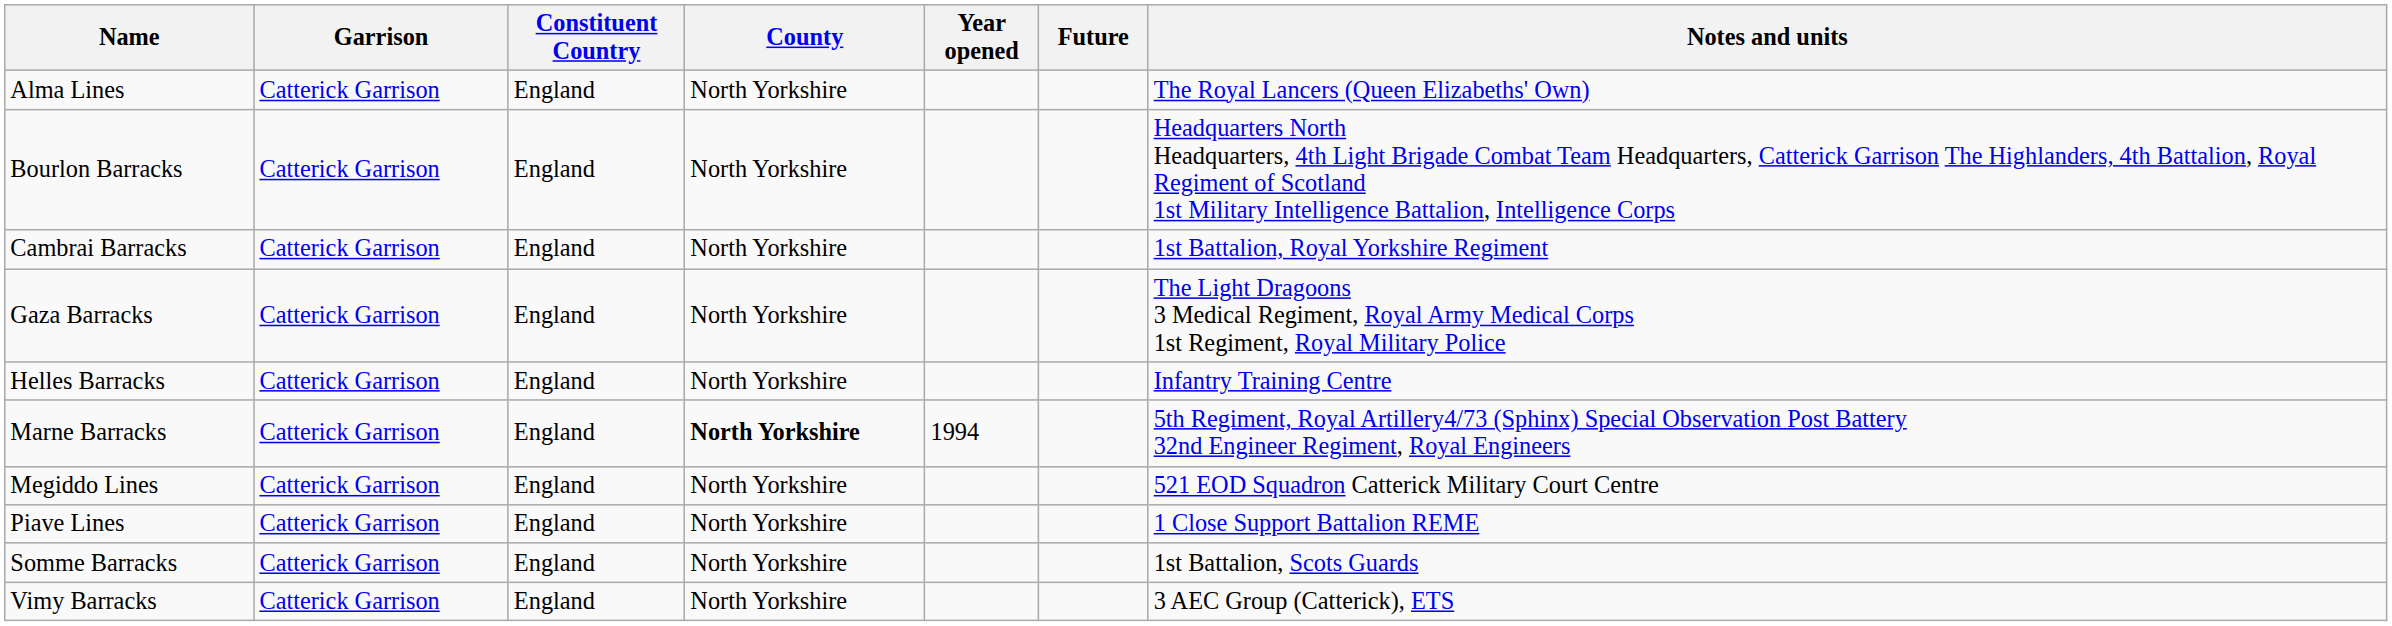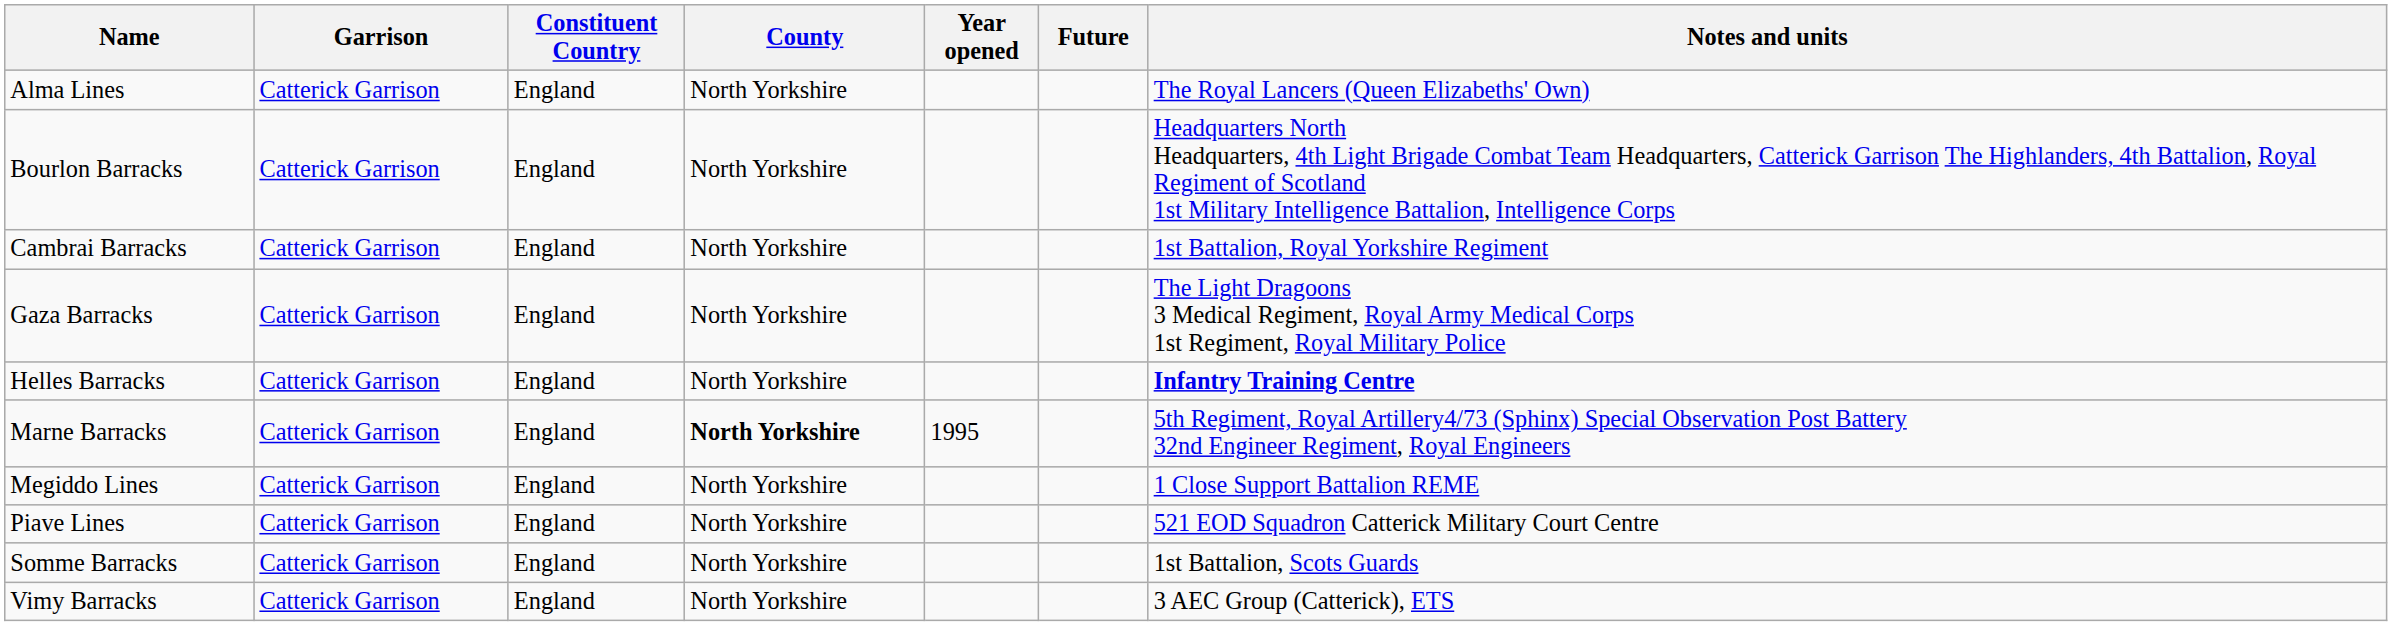 <table class="wikitable sortable" border="1">
 <tr>
 <th style="width=14%">Name</th>
 <th style="width=10%">Garrison</th>
 <th style="width=10%"><a href='#'>Constituent<br>Country</a></th>
 <th style="width=10%"><a href='#'>County</a></th>
 <th style="width=4%">Year<br>opened</th>
 <th>Future</th>
 <th style="class=unsortable" width="52%">Notes and units</th>
 </tr>
 <tr>
 <td>Alma Lines</td>
 <td><a href='#'>Catterick Garrison</a></td>
 <td>England</td>
 <td>North Yorkshire</td>
 <td></td>
 <td></td>
 <td><a href='#'>The Royal Lancers (Queen Elizabeths' Own)</a></td>
 </tr>
 <tr>
 <td>Bourlon Barracks</td>
 <td><a href='#'>Catterick Garrison</a></td>
 <td>England</td>
 <td>North Yorkshire</td>
 <td></td>
 <td></td>
 <td><a href='#'>Headquarters North</a><br>Headquarters, <a href='#'>4th Light Brigade Combat Team</a> Headquarters, <a href='#'>Catterick Garrison</a> <a href='#'>The Highlanders, 4th Battalion</a>, <a href='#'>Royal Regiment of Scotland</a><br><a href='#'>1st Military Intelligence Battalion</a>, <a href='#'>Intelligence Corps</a></td>
 </tr>
 <tr>
 <td>Cambrai Barracks</td>
 <td><a href='#'>Catterick Garrison</a></td>
 <td>England</td>
 <td>North Yorkshire</td>
 <td></td>
 <td></td>
 <td><a href='#'>1st Battalion, Royal Yorkshire Regiment</a></td>
 </tr>
 <tr>
 <td>Gaza Barracks</td>
 <td><a href='#'>Catterick Garrison</a></td>
 <td>England</td>
 <td>North Yorkshire</td>
 <td></td>
 <td></td>
 <td><a href='#'>The Light Dragoons</a><br>3 Medical Regiment, <a href='#'>Royal Army Medical Corps</a><br>1st Regiment, <a href='#'>Royal Military Police</a></td>
 </tr>
 <tr>
 <td>Helles Barracks</td>
 <td><a href='#'>Catterick Garrison</a></td>
 <td>England</td>
 <td>North Yorkshire</td>
 <td></td>
 <td></td>
-<td><a href='#'>Infantry Training Centre</a></td>
+<td><strong><a href='#'>Infantry Training Centre</a></strong></td>
 </tr>
 <tr>
 <td>Marne Barracks</td>
 <td><a href='#'>Catterick Garrison</a></td>
 <td>England</td>
 <td><strong>North Yorkshire</strong></td>
-<td>1994</td>
+<td>1995</td>
 <td></td>
 <td><a href='#'>5th Regiment, Royal Artillery</a><a href='#'>4/73 (Sphinx) Special Observation Post Battery</a><br><a href='#'>32nd Engineer Regiment</a>, <a href='#'>Royal Engineers</a></td>
 </tr>
 <tr>
 <td>Megiddo Lines</td>
 <td><a href='#'>Catterick Garrison</a></td>
 <td>England</td>
 <td>North Yorkshire</td>
 <td></td>
 <td></td>
-<td><a href='#'>521 EOD Squadron</a> Catterick Military Court Centre</td>
+<td><a href='#'>1 Close Support Battalion REME</a></td>
 </tr>
 <tr>
 <td>Piave Lines</td>
 <td><a href='#'>Catterick Garrison</a></td>
 <td>England</td>
 <td>North Yorkshire</td>
 <td></td>
 <td></td>
-<td><a href='#'>1 Close Support Battalion REME</a></td>
+<td><a href='#'>521 EOD Squadron</a> Catterick Military Court Centre</td>
 </tr>
 <tr>
 <td>Somme Barracks</td>
 <td><a href='#'>Catterick Garrison</a></td>
 <td>England</td>
 <td>North Yorkshire</td>
 <td></td>
 <td></td>
 <td>1st Battalion, <a href='#'>Scots Guards</a></td>
 </tr>
 <tr>
 <td>Vimy Barracks</td>
 <td><a href='#'>Catterick Garrison</a></td>
 <td>England</td>
 <td>North Yorkshire</td>
 <td></td>
 <td></td>
 <td>3 AEC Group (Catterick), <a href='#'>ETS</a></td>
 </tr>
 </table>
